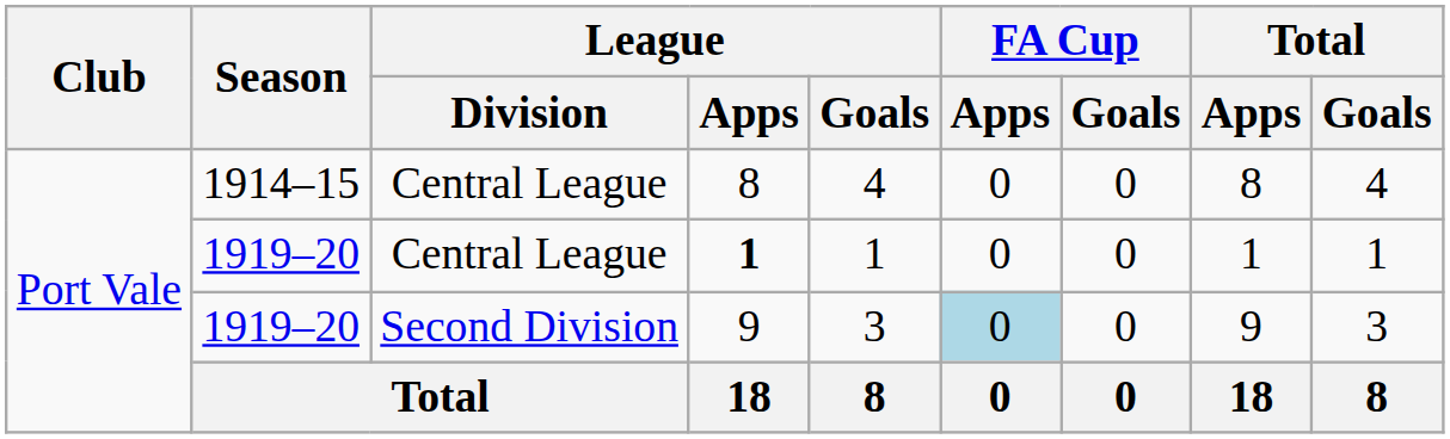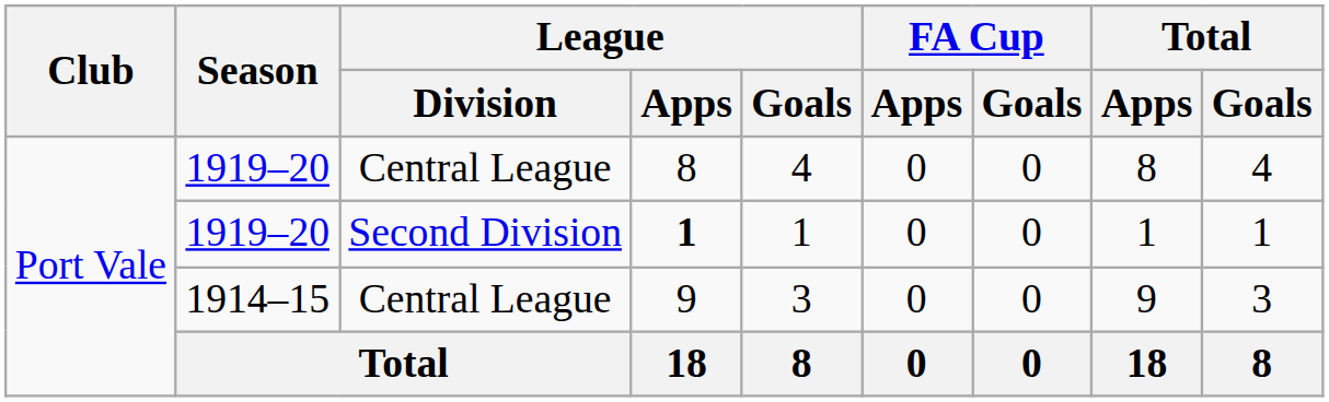 <table class="wikitable" style="text-align:center">
 <tr>
 <th rowspan="2">Club</th>
 <th rowspan="2">Season</th>
 <th colspan="3">League</th>
 <th colspan="2"><a href='#'>FA Cup</a></th>
 <th colspan="2">Total</th>
 </tr>
 <tr>
 <th>Division</th>
 <th>Apps</th>
 <th>Goals</th>
 <th>Apps</th>
 <th>Goals</th>
 <th>Apps</th>
 <th>Goals</th>
 </tr>
 <tr>
 <td rowspan="4"><a href='#'>Port Vale</a></td>
-<td>1914–15</td>
+<td><a href='#'>1919–20</a></td>
 <td>Central League</td>
 <td>8</td>
 <td>4</td>
 <td>0</td>
 <td>0</td>
 <td>8</td>
 <td>4</td>
 </tr>
 <tr>
 <td><a href='#'>1919–20</a></td>
-<td>Central League</td>
+<td><a href='#'>Second Division</a></td>
 <td><strong>1</strong></td>
 <td>1</td>
 <td>0</td>
 <td>0</td>
 <td>1</td>
 <td>1</td>
 </tr>
 <tr>
-<td><a href='#'>1919–20</a></td>
-<td><a href='#'>Second Division</a></td>
+<td>1914–15</td>
+<td>Central League</td>
 <td>9</td>
 <td>3</td>
-<td style="background: lightblue;">0</td>
+<td>0</td>
 <td>0</td>
 <td>9</td>
 <td>3</td>
 </tr>
 <tr>
 <th colspan="2">Total</th>
 <th>18</th>
 <th>8</th>
 <th>0</th>
 <th>0</th>
 <th>18</th>
 <th>8</th>
 </tr>
 </table>
